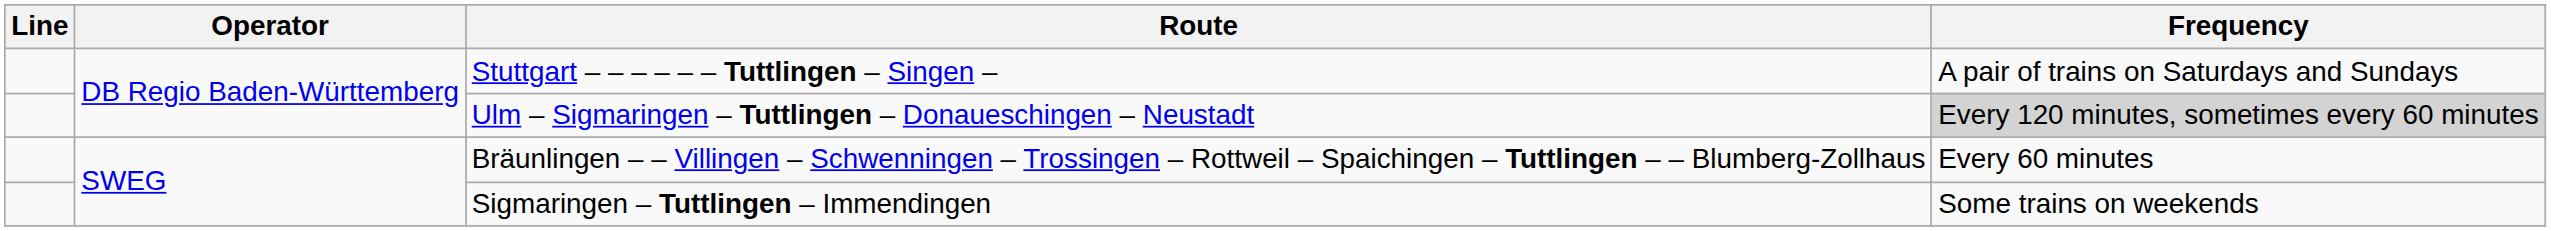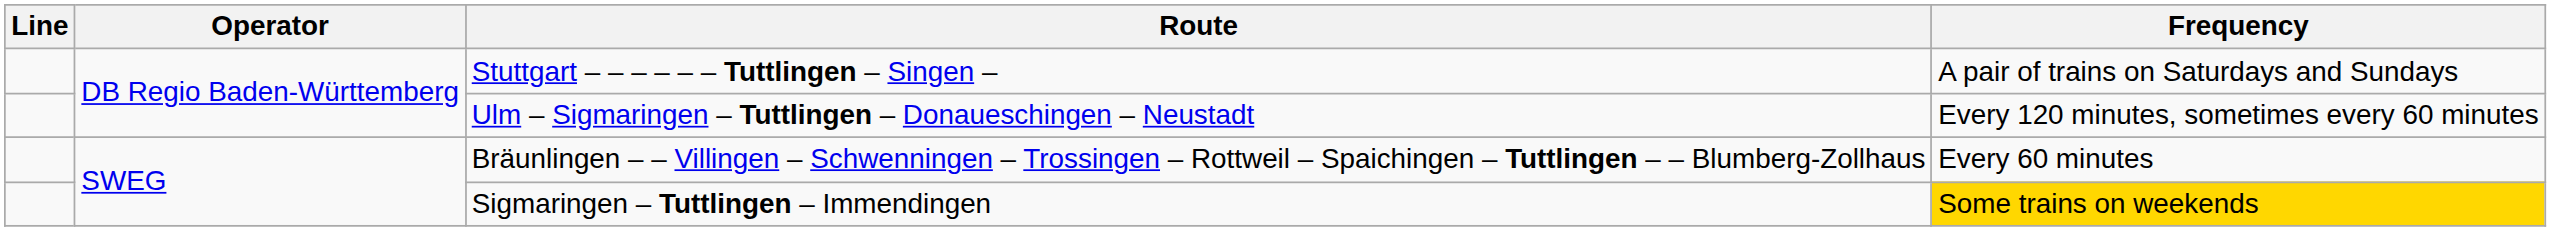 <table class="wikitable">
 <tr>
 <th>Line</th>
 <th>Operator</th>
 <th>Route</th>
 <th>Frequency</th>
 </tr>
 <tr>
 <td></td>
 <td rowspan="2"><a href='#'>DB Regio Baden-Württemberg</a></td>
 <td><a href='#'>Stuttgart</a> –  –  –  –  –  – <strong>Tuttlingen</strong> – <a href='#'>Singen</a> – </td>
 <td>A pair of trains on Saturdays and Sundays</td>
 </tr>
 <tr>
 <td></td>
 <td><a href='#'>Ulm</a> – <a href='#'>Sigmaringen</a> – <strong>Tuttlingen</strong> – <a href='#'>Donaueschingen</a> – <a href='#'>Neustadt</a></td>
-<td style="background: lightgrey;">Every 120 minutes, sometimes every 60 minutes</td>
+<td>Every 120 minutes, sometimes every 60 minutes</td>
 </tr>
 <tr>
 <td></td>
 <td rowspan="2"><a href='#'>SWEG</a></td>
 <td>Bräunlingen –  – <a href='#'>Villingen</a> – <a href='#'>Schwenningen</a> – <a href='#'>Trossingen</a> – Rottweil – Spaichingen – <strong>Tuttlingen</strong> –  – Blumberg-Zollhaus</td>
 <td>Every 60 minutes</td>
 </tr>
 <tr>
 <td></td>
 <td>Sigmaringen – <strong>Tuttlingen</strong> – Immendingen</td>
-<td>Some trains on weekends</td>
+<td style="background: gold;">Some trains on weekends</td>
 </tr>
 </table>
